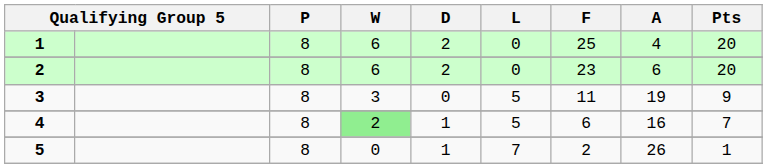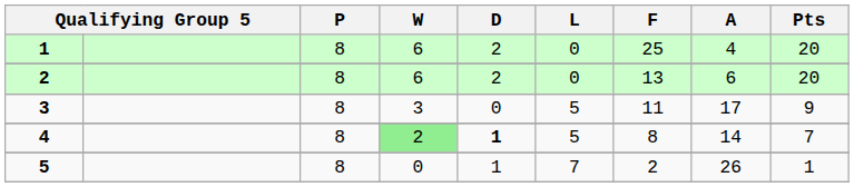 <table class="wikitable">
 <tr>
 <th colspan="2">Qualifying Group 5</th>
 <th rowspan="1" width="50">P</th>
 <th rowspan="1" width="50">W</th>
 <th colspan="1" width="50">D</th>
 <th colspan="1" width="50">L</th>
 <th colspan="1" width="50">F</th>
 <th colspan="1" width="50">A</th>
 <th colspan="1" width="50">Pts</th>
 </tr>
 <tr style="background:#ccffcc;" align=center>
 <td width="50"><strong>1</strong></td>
 <td align=left width="150"><strong></strong></td>
 <td>8</td>
 <td>6</td>
 <td>2</td>
 <td>0</td>
 <td>25</td>
 <td>4</td>
 <td>20</td>
 </tr>
 <tr>
 </tr>
 <tr style="background:#ccffcc;" align=center>
 <td><strong>2</strong></td>
 <td align=left></td>
 <td>8</td>
 <td>6</td>
 <td>2</td>
 <td>0</td>
-<td>23</td>
+<td>13</td>
 <td>6</td>
 <td>20</td>
 </tr>
 <tr>
 </tr>
 <tr align=center>
 <td><strong>3</strong></td>
 <td align=left></td>
 <td>8</td>
 <td>3</td>
 <td>0</td>
 <td>5</td>
 <td>11</td>
-<td>19</td>
+<td>17</td>
 <td>9</td>
 </tr>
 <tr>
 </tr>
 <tr align=center>
 <td><strong>4</strong></td>
 <td align=left></td>
 <td>8</td>
 <td style="background: lightgreen;">2</td>
-<td>1</td>
+<td><strong>1</strong></td>
 <td>5</td>
-<td>6</td>
-<td>16</td>
+<td>8</td>
+<td>14</td>
 <td>7</td>
 </tr>
 <tr>
 </tr>
 <tr align=center>
 <td><strong>5</strong></td>
 <td align=left></td>
 <td>8</td>
 <td>0</td>
 <td>1</td>
 <td>7</td>
 <td>2</td>
 <td>26</td>
 <td>1</td>
 </tr>
 <tr>
 </tr>
 </table>
